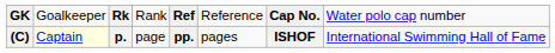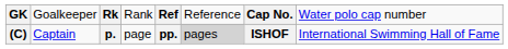 <table class="wikitable" style="text-align: left; font-size: 90%; margin-left: 1em;">
 <tr>
 <th>GK</th>
 <td>Goalkeeper</td>
 <th>Rk</th>
 <td>Rank</td>
 <th>Ref</th>
 <td>Reference</td>
 <th>Cap No.</th>
 <td><a href='#'>Water polo cap</a> number</td>
 </tr>
 <tr>
 <th>(C)</th>
-<td style="background: lightyellow;"><a href='#'>Captain</a></td>
+<td><a href='#'>Captain</a></td>
 <th>p.</th>
 <td>page</td>
 <th>pp.</th>
-<td>pages</td>
+<td style="background: lightgrey;">pages</td>
 <th>ISHOF</th>
 <td><a href='#'>International Swimming Hall of Fame</a></td>
 </tr>
 </table>
